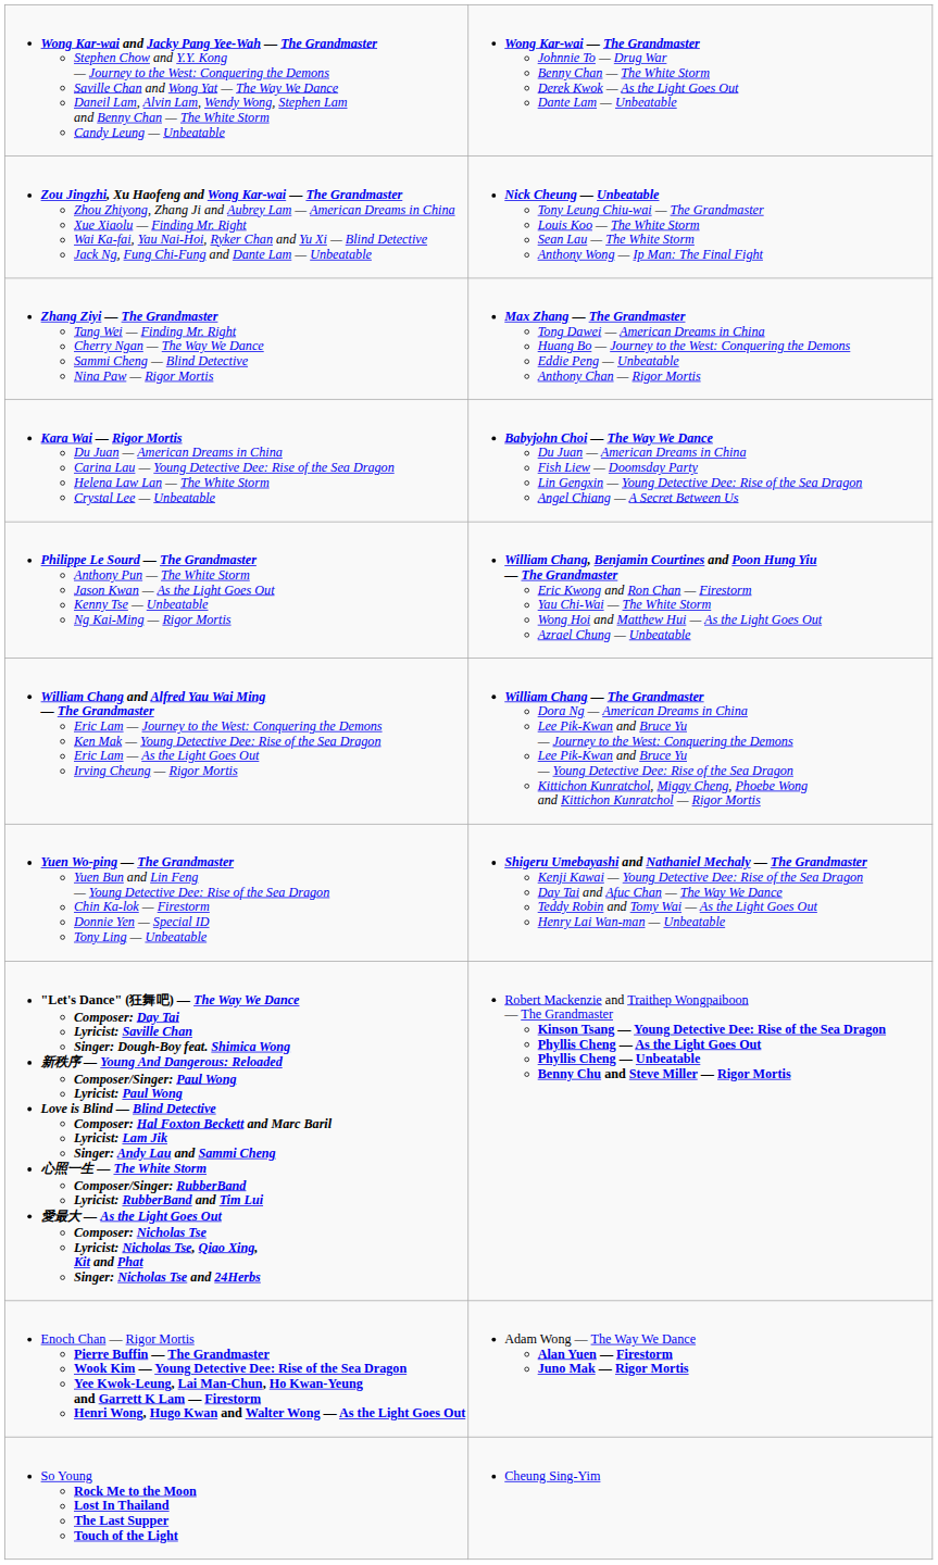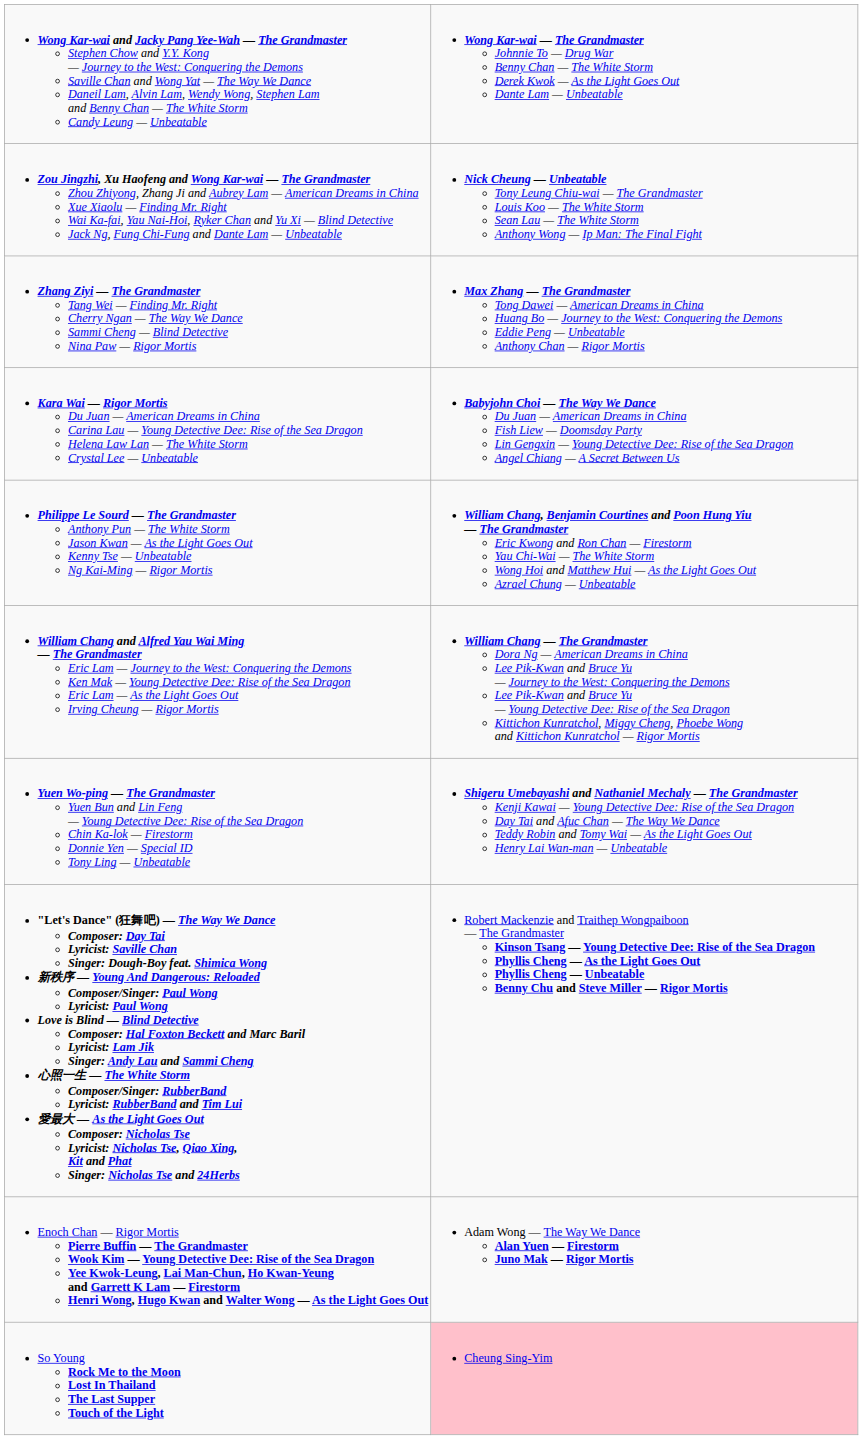 <table class=wikitable>
 <tr>
 <td valign="top" width="50%"><br><ul><li><strong><em><a href='#'>Wong Kar-wai</a> and  <a href='#'>Jacky Pang Yee-Wah</a> — <a href='#'>The Grandmaster</a></em></strong> <ul><li><em><a href='#'>Stephen Chow</a> and <a href='#'>Y.Y. Kong</a> <br> — <a href='#'>Journey to the West: Conquering the Demons</a></em></li><li><em><a href='#'>Saville Chan</a> and <a href='#'>Wong Yat</a> — <a href='#'>The Way We Dance</a></em></li><li><em><a href='#'>Daneil Lam</a>, <a href='#'>Alvin Lam</a>, <a href='#'>Wendy Wong</a>, <a href='#'>Stephen Lam</a> <br> and <a href='#'>Benny Chan</a> — <a href='#'>The White Storm</a></em></li><li><em><a href='#'>Candy Leung</a> — <a href='#'>Unbeatable</a></em></li></ul></li></ul></td>
 <td valign="top" width="50%"><br><ul><li><strong><em><a href='#'>Wong Kar-wai</a> — <a href='#'>The Grandmaster</a></em></strong><ul><li><em><a href='#'>Johnnie To</a> — <a href='#'>Drug War</a></em></li><li><em><a href='#'>Benny Chan</a> — <a href='#'>The White Storm</a></em></li><li><em><a href='#'>Derek Kwok</a> — <a href='#'>As the Light Goes Out</a></em></li><li><em><a href='#'>Dante Lam</a> — <a href='#'>Unbeatable</a></em></li></ul></li></ul></td>
 </tr>
 <tr>
 <td valign="top" width="50%"><br><ul><li><strong><em><a href='#'>Zou Jingzhi</a>, Xu Haofeng and <a href='#'>Wong Kar-wai</a> — <a href='#'>The Grandmaster</a></em></strong><ul><li><em><a href='#'>Zhou Zhiyong</a>, Zhang Ji and <a href='#'>Aubrey Lam</a> — <a href='#'>American Dreams in China</a></em></li><li><em><a href='#'>Xue Xiaolu</a> — <a href='#'>Finding Mr. Right</a></em></li><li><em><a href='#'>Wai Ka-fai</a>, <a href='#'>Yau Nai-Hoi</a>, <a href='#'>Ryker Chan</a> and <a href='#'>Yu Xi</a> — <a href='#'>Blind Detective</a></em></li><li><em><a href='#'>Jack Ng</a>, <a href='#'>Fung Chi-Fung</a> and <a href='#'>Dante Lam</a> — <a href='#'>Unbeatable</a></em></li></ul></li></ul></td>
 <td valign="top" width="50%"><br><ul><li><strong><em><a href='#'>Nick Cheung</a> — <a href='#'>Unbeatable</a></em></strong><ul><li><em><a href='#'>Tony Leung Chiu-wai</a> — <a href='#'>The Grandmaster</a></em></li><li><em><a href='#'>Louis Koo</a> — <a href='#'>The White Storm</a></em></li><li><em><a href='#'>Sean Lau</a> — <a href='#'>The White Storm</a></em></li><li><em><a href='#'>Anthony Wong</a> — <a href='#'>Ip Man: The Final Fight</a></em></li></ul></li></ul></td>
 </tr>
 <tr>
 <td valign="top" width="50%"><br><ul><li><strong><em><a href='#'>Zhang Ziyi</a> — <a href='#'>The Grandmaster</a></em></strong><ul><li><em><a href='#'>Tang Wei</a> — <a href='#'>Finding Mr. Right</a></em></li><li><em><a href='#'>Cherry Ngan</a> — <a href='#'>The Way We Dance</a></em></li><li><em><a href='#'>Sammi Cheng</a> — <a href='#'>Blind Detective</a></em></li><li><em><a href='#'>Nina Paw</a> — <a href='#'>Rigor Mortis</a></em></li></ul></li></ul></td>
 <td valign="top" width="50%"><br><ul><li><strong><em><a href='#'>Max Zhang</a> — <a href='#'>The Grandmaster</a></em></strong><ul><li><em><a href='#'>Tong Dawei</a> — <a href='#'>American Dreams in China</a></em></li><li><em><a href='#'>Huang Bo</a> — <a href='#'>Journey to the West: Conquering the Demons</a></em></li><li><em><a href='#'>Eddie Peng</a> — <a href='#'>Unbeatable</a></em></li><li><em><a href='#'>Anthony Chan</a> — <a href='#'>Rigor Mortis</a></em></li></ul></li></ul></td>
 </tr>
 <tr>
 <td valign="top" width="50%"><br><ul><li><strong><em><a href='#'>Kara Wai</a> — <a href='#'>Rigor Mortis</a></em></strong><ul><li><em><a href='#'>Du Juan</a> — <a href='#'>American Dreams in China</a></em></li><li><em><a href='#'>Carina Lau</a> — <a href='#'>Young Detective Dee: Rise of the Sea Dragon</a></em></li><li><em><a href='#'>Helena Law Lan</a> — <a href='#'>The White Storm</a></em></li><li><em><a href='#'>Crystal Lee</a> — <a href='#'>Unbeatable</a></em></li></ul></li></ul></td>
 <td valign="top" width="50%"><br><ul><li><strong><em><a href='#'>Babyjohn Choi</a> — <a href='#'>The Way We Dance</a></em></strong><ul><li><em><a href='#'>Du Juan</a> — <a href='#'>American Dreams in China</a></em></li><li><em><a href='#'>Fish Liew</a> — <a href='#'>Doomsday Party</a></em></li><li><em><a href='#'>Lin Gengxin</a> — <a href='#'>Young Detective Dee: Rise of the Sea Dragon</a></em></li><li><em><a href='#'>Angel Chiang</a> — <a href='#'>A Secret Between Us</a></em></li></ul></li></ul></td>
 </tr>
 <tr>
 <td valign="top" width="50%"><br><ul><li><strong><em><a href='#'>Philippe Le Sourd</a> — <a href='#'>The Grandmaster</a></em></strong><ul><li><em><a href='#'>Anthony Pun</a> — <a href='#'>The White Storm</a></em></li><li><em><a href='#'>Jason Kwan</a> — <a href='#'>As the Light Goes Out</a></em></li><li><em><a href='#'>Kenny Tse</a> — <a href='#'>Unbeatable</a></em></li><li><em><a href='#'>Ng Kai-Ming</a> — <a href='#'>Rigor Mortis</a></em></li></ul></li></ul></td>
 <td valign="top" width="50%"><br><ul><li><strong><em><a href='#'>William Chang</a>, <a href='#'>Benjamin Courtines</a> and <a href='#'>Poon Hung Yiu</a> <br> — <a href='#'>The Grandmaster</a></em></strong><ul><li><em><a href='#'>Eric Kwong</a> and <a href='#'>Ron Chan</a> — <a href='#'>Firestorm</a></em></li><li><em><a href='#'>Yau Chi-Wai</a> — <a href='#'>The White Storm</a></em></li><li><em><a href='#'>Wong Hoi</a> and <a href='#'>Matthew Hui</a> — <a href='#'>As the Light Goes Out</a></em></li><li><em><a href='#'>Azrael Chung</a> — <a href='#'>Unbeatable</a></em></li></ul></li></ul></td>
 </tr>
 <tr>
 <td valign="top" width="50%"><br><ul><li><strong><em><a href='#'>William Chang</a> and <a href='#'>Alfred Yau Wai Ming</a> <br> — <a href='#'>The Grandmaster</a></em></strong><ul><li><em><a href='#'>Eric Lam</a> — <a href='#'>Journey to the West: Conquering the Demons</a></em></li><li><em><a href='#'>Ken Mak</a> — <a href='#'>Young Detective Dee: Rise of the Sea Dragon</a></em></li><li><em><a href='#'>Eric Lam</a> — <a href='#'>As the Light Goes Out</a></em></li><li><em><a href='#'>Irving Cheung</a> — <a href='#'>Rigor Mortis</a></em></li></ul></li></ul></td>
 <td valign="top" width="50%"><br><ul><li><strong><em><a href='#'>William Chang</a> — <a href='#'>The Grandmaster</a></em></strong><ul><li><em><a href='#'>Dora Ng</a> — <a href='#'>American Dreams in China</a></em></li><li><em><a href='#'>Lee Pik-Kwan</a> and <a href='#'>Bruce Yu</a> <br> — <a href='#'>Journey to the West: Conquering the Demons</a></em></li><li><em><a href='#'>Lee Pik-Kwan</a> and <a href='#'>Bruce Yu</a> <br> — <a href='#'>Young Detective Dee: Rise of the Sea Dragon</a></em></li><li><em><a href='#'>Kittichon Kunratchol</a>, <a href='#'>Miggy Cheng</a>, <a href='#'>Phoebe Wong</a> <br> and <a href='#'>Kittichon Kunratchol</a> — <a href='#'>Rigor Mortis</a></em></li></ul></li></ul></td>
 </tr>
 <tr>
 <td valign="top" width="50%"><br><ul><li><strong><em><a href='#'>Yuen Wo-ping</a> — <a href='#'>The Grandmaster</a></em></strong><ul><li><em><a href='#'>Yuen Bun</a> and <a href='#'>Lin Feng</a> <br> — <a href='#'>Young Detective Dee: Rise of the Sea Dragon</a></em></li><li><em><a href='#'>Chin Ka-lok</a> — <a href='#'>Firestorm</a></em></li><li><em><a href='#'>Donnie Yen</a> — <a href='#'>Special ID</a></em></li><li><em><a href='#'>Tony Ling</a> — <a href='#'>Unbeatable</a></em></li></ul></li></ul></td>
 <td valign="top" width="50%"><br><ul><li><strong><em><a href='#'>Shigeru Umebayashi</a> and <a href='#'>Nathaniel Mechaly</a> — <a href='#'>The Grandmaster</a></em></strong><ul><li><em><a href='#'>Kenji Kawai</a> — <a href='#'>Young Detective Dee: Rise of the Sea Dragon</a></em></li><li><em><a href='#'>Day Tai</a> and <a href='#'>Afuc Chan</a> — <a href='#'>The Way We Dance</a></em></li><li><em><a href='#'>Teddy Robin</a> and <a href='#'>Tomy Wai</a> — <a href='#'>As the Light Goes Out</a></em></li><li><em><a href='#'>Henry Lai Wan-man</a> — <a href='#'>Unbeatable</a></em></li></ul></li></ul></td>
 </tr>
 <tr>
 <td valign="top" width="50%"><br><ul><li><strong> "Let's Dance" (狂舞吧) —  <em><a href='#'>The Way We Dance</a><strong><em><ul><li>Composer: <a href='#'>Day Tai</a></li><li>Lyricist: <a href='#'>Saville Chan</a></li><li>Singer: Dough-Boy feat. <a href='#'>Shimica Wong</a></li></ul></li><li>新秩序 — <a href='#'>Young And Dangerous: Reloaded</a><ul><li>Composer/Singer: <a href='#'>Paul Wong</a></li><li>Lyricist: <a href='#'>Paul Wong</a></li></ul></li><li>Love is Blind — <a href='#'>Blind Detective</a><ul><li>Composer: <a href='#'>Hal Foxton Beckett</a> and Marc Baril</li><li>Lyricist: <a href='#'>Lam Jik</a></li><li>Singer: <a href='#'>Andy Lau</a> and <a href='#'>Sammi Cheng</a></li></ul></li><li>心照一生 — <a href='#'>The White Storm</a><ul><li>Composer/Singer: <a href='#'>RubberBand</a></li><li>Lyricist: <a href='#'>RubberBand</a> and <a href='#'>Tim Lui</a></li></ul></li><li>愛最大 —  <a href='#'>As the Light Goes Out</a><ul><li>Composer: <a href='#'>Nicholas Tse</a></li><li>Lyricist: <a href='#'>Nicholas Tse</a>, <a href='#'>Qiao Xing</a>,<br> <a href='#'>Kit</a> and <a href='#'>Phat</a></li><li>Singer: <a href='#'>Nicholas Tse</a> and <a href='#'>24Herbs</a></li></ul></li></ul></td>
 <td valign="top" width="50%"><br><ul><li></em></strong><a href='#'>Robert Mackenzie</a> and <a href='#'>Traithep Wongpaiboon</a> <br>  — <a href='#'>The Grandmaster</a><strong><em><ul><li></em><a href='#'>Kinson Tsang</a> — <a href='#'>Young Detective Dee: Rise of the Sea Dragon</a><em></li><li></em><a href='#'>Phyllis Cheng</a> — <a href='#'>As the Light Goes Out</a><em></li><li></em><a href='#'>Phyllis Cheng</a> — <a href='#'>Unbeatable</a><em></li><li></em><a href='#'>Benny Chu</a> and <a href='#'>Steve Miller</a> — <a href='#'>Rigor Mortis</a><em></li></ul></li></ul></td>
 </tr>
 <tr>
 <td valign="top" width="50%"><br><ul><li></em></strong><a href='#'>Enoch Chan</a> — <a href='#'>Rigor Mortis</a><strong><em><ul><li></em><a href='#'>Pierre Buffin</a> — <a href='#'>The Grandmaster</a><em></li><li></em><a href='#'>Wook Kim</a> — <a href='#'>Young Detective Dee: Rise of the Sea Dragon</a><em></li><li></em><a href='#'>Yee Kwok-Leung</a>, <a href='#'>Lai Man-Chun</a>, <a href='#'>Ho Kwan-Yeung</a> <br> and <a href='#'>Garrett K Lam</a> — <a href='#'>Firestorm</a><em></li><li></em><a href='#'>Henri Wong</a>, <a href='#'>Hugo Kwan</a> and <a href='#'>Walter Wong</a> — <a href='#'>As the Light Goes Out</a><em></li></ul></li></ul></td>
 <td valign="top" width="50%"><br><ul><li></em></strong>Adam Wong — <a href='#'>The Way We Dance</a><strong><em><ul><li></em><a href='#'>Alan Yuen</a> — <a href='#'>Firestorm</a><em></li><li></em><a href='#'>Juno Mak</a> — <a href='#'>Rigor Mortis</a><em></li></ul></li></ul></td>
 </tr>
 <tr>
 <td valign="top" width="50%"><br><ul><li></em></strong><a href='#'>So Young</a> <strong><em><ul><li></em> <a href='#'>Rock Me to the Moon</a> <em></li><li></em> <a href='#'>Lost In Thailand</a> <em></li><li></em> <a href='#'>The Last Supper</a> <em></li><li></em> <a href='#'>Touch of the Light</a> <em></li></ul></li></ul></td>
-<td valign="top" width="50%"><br><ul><li></em></strong><a href='#'>Cheung Sing-Yim</a><strong><em></li></ul></td>
+<td valign="top" width="50%" style="background: pink;"><br><ul><li></em></strong><a href='#'>Cheung Sing-Yim</a><strong><em></li></ul></td>
 </tr>
 </table>
